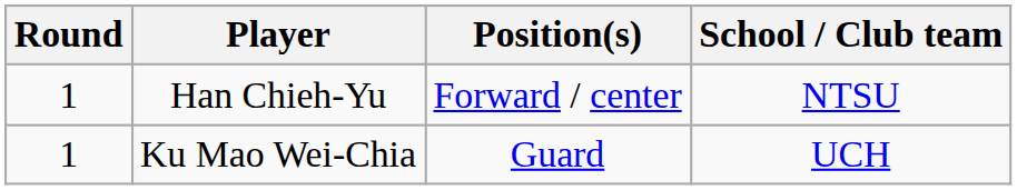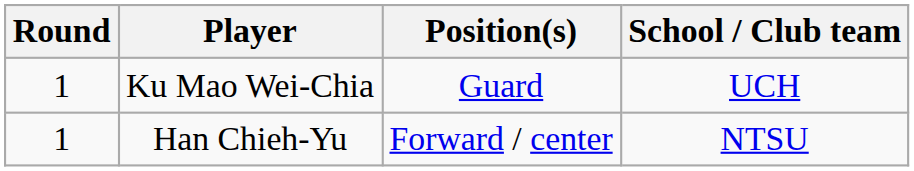 <table class="wikitable sortable sortable">
 <tr>
 <th>Round</th>
 <th>Player</th>
 <th>Position(s)</th>
 <th>School / Club team</th>
 </tr>
 <tr style="text-align: center">
 <td>1</td>
+<td>Ku Mao Wei-Chia</td>
+<td><a href='#'>Guard</a></td>
+<td><a href='#'>UCH</a></td>
+</tr>
+<tr style="text-align: center">
+<td>1</td>
 <td>Han Chieh-Yu</td>
 <td><a href='#'>Forward</a> / <a href='#'>center</a></td>
 <td><a href='#'>NTSU</a></td>
 </tr>
-<tr style="text-align: center">
-<td>1</td>
-<td>Ku Mao Wei-Chia</td>
-<td><a href='#'>Guard</a></td>
-<td><a href='#'>UCH</a></td>
-</tr>
 </table>
